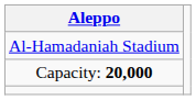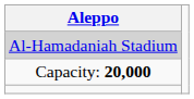 <table class="wikitable" style="text-align:center">
 <tr>
 <th><a href='#'>Aleppo</a></th>
 <td rowspan="4"></td>
 </tr>
 <tr>
-<td><a href='#'>Al-Hamadaniah Stadium</a></td>
+<td style="background: lightgrey;"><a href='#'>Al-Hamadaniah Stadium</a></td>
 </tr>
 <tr>
 <td>Capacity: <strong>20,000</strong></td>
 </tr>
 <tr>
 <td></td>
 </tr>
 </table>
